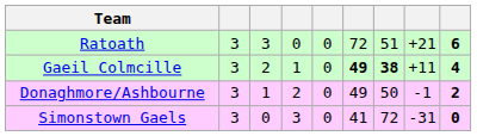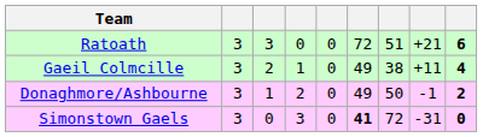 <table class="wikitable" style="text-align:center">
 <tr>
 <th style="width:175px;">Team</th>
 <th width="20"></th>
 <th width="20"></th>
 <th width="20"></th>
 <th width="20"></th>
 <th width="20"></th>
 <th width="20"></th>
 <th width="20"></th>
 <th width="20"></th>
 </tr>
 <tr style="background:#cfc;">
 <td><a href='#'>Ratoath</a></td>
 <td>3</td>
 <td>3</td>
 <td>0</td>
 <td>0</td>
 <td>72</td>
 <td>51</td>
 <td>+21</td>
 <td><strong>6</strong></td>
 </tr>
 <tr style="background:#cfc;">
 <td><a href='#'>Gaeil Colmcille</a></td>
 <td>3</td>
 <td>2</td>
 <td>1</td>
 <td>0</td>
-<td><strong>49</strong></td>
-<td><strong>38</strong></td>
+<td>49</td>
+<td>38</td>
 <td>+11</td>
 <td><strong>4</strong></td>
 </tr>
 <tr style="background:#fcf;">
 <td><a href='#'>Donaghmore/Ashbourne</a></td>
 <td>3</td>
 <td>1</td>
 <td>2</td>
 <td>0</td>
 <td>49</td>
 <td>50</td>
 <td>-1</td>
 <td><strong>2</strong></td>
 </tr>
 <tr style="background:#fcf;">
 <td><a href='#'>Simonstown Gaels</a></td>
 <td>3</td>
 <td>0</td>
 <td>3</td>
 <td>0</td>
-<td>41</td>
+<td><strong>41</strong></td>
 <td>72</td>
 <td>-31</td>
 <td><strong>0</strong></td>
 </tr>
 </table>
